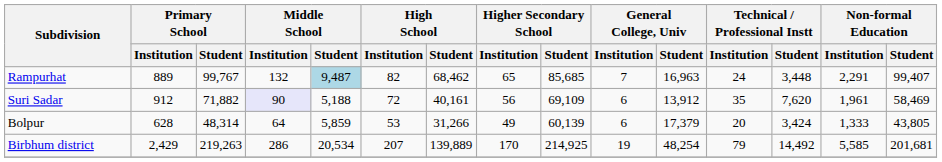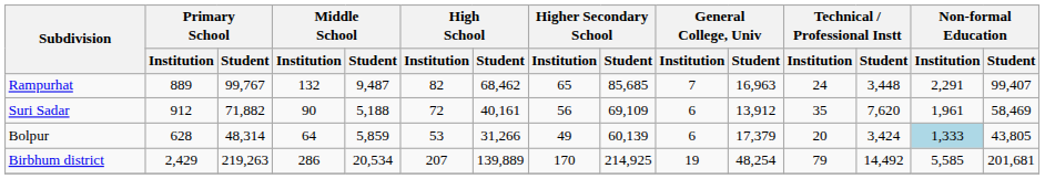 <table class="wikitable" style="text-align:center;font-size: 9pt">
 <tr>
 <th width="110" rowspan="2">Subdivision</th>
 <th colspan="2">Primary<br>School</th>
 <th colspan="2">Middle<br>School</th>
 <th colspan="2">High<br>School</th>
 <th colspan="2">Higher Secondary<br>School</th>
 <th colspan="2">General<br>College, Univ</th>
 <th colspan="2">Technical /<br>Professional Instt</th>
 <th colspan="2">Non-formal<br>Education</th>
 </tr>
 <tr>
 <th width="30">Institution</th>
 <th width="30">Student</th>
 <th width="30">Institution</th>
 <th width="30">Student</th>
 <th width="30">Institution</th>
 <th width="30">Student</th>
 <th width="30">Institution</th>
 <th width="30">Student</th>
 <th width="30">Institution</th>
 <th width="30">Student</th>
 <th width="30">Institution</th>
 <th width="30">Student</th>
 <th width="30">Institution</th>
 <th width="30">Student<br></th>
 </tr>
 <tr>
 <td align=left><a href='#'>Rampurhat</a></td>
 <td align="center">889</td>
 <td align="center">99,767</td>
 <td align="center">132</td>
-<td align="center" style="background: lightblue;">9,487</td>
+<td align="center">9,487</td>
 <td align="center">82</td>
 <td align="center">68,462</td>
 <td align="center">65</td>
 <td align="center">85,685</td>
 <td align="center">7</td>
 <td align="center">16,963</td>
 <td align="center">24</td>
 <td align="center">3,448</td>
 <td align="center">2,291</td>
 <td align="center">99,407</td>
 </tr>
 <tr>
 <td align=left><a href='#'>Suri Sadar</a></td>
 <td align="center">912</td>
 <td align="center">71,882</td>
-<td align="center" style="background: lavender;">90</td>
+<td align="center">90</td>
 <td align="center">5,188</td>
 <td align="center">72</td>
 <td align="center">40,161</td>
 <td align="center">56</td>
 <td align="center">69,109</td>
 <td align="center">6</td>
 <td align="center">13,912</td>
 <td align="center">35</td>
 <td align="center">7,620</td>
 <td align="center">1,961</td>
 <td align="center">58,469</td>
 </tr>
 <tr>
 <td align=left>Bolpur</td>
 <td align="center">628</td>
 <td align="center">48,314</td>
 <td align="center">64</td>
 <td align="center">5,859</td>
 <td align="center">53</td>
 <td align="center">31,266</td>
 <td align="center">49</td>
 <td align="center">60,139</td>
 <td align="center">6</td>
 <td align="center">17,379</td>
 <td align="center">20</td>
 <td align="center">3,424</td>
-<td align="center">1,333</td>
+<td align="center" style="background: lightblue;">1,333</td>
 <td align="center">43,805</td>
 </tr>
 <tr>
 <td align=left><a href='#'>Birbhum district</a></td>
 <td align="center">2,429</td>
 <td align="center">219,263</td>
 <td align="center">286</td>
 <td align="center">20,534</td>
 <td align="center">207</td>
 <td align="center">139,889</td>
 <td align="center">170</td>
 <td align="center">214,925</td>
 <td align="center">19</td>
 <td align="center">48,254</td>
 <td align="center">79</td>
 <td align="center">14,492</td>
 <td align="center">5,585</td>
 <td align="center">201,681</td>
 </tr>
 <tr>
 </tr>
 </table>
